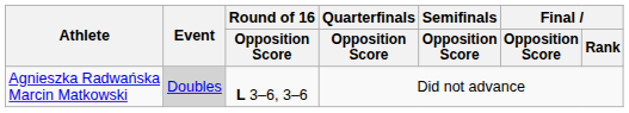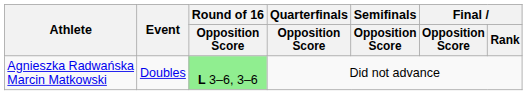 <table class=wikitable style="font-size:90%">
 <tr>
 <th rowspan="2">Athlete</th>
 <th rowspan="2">Event</th>
 <th>Round of 16</th>
 <th>Quarterfinals</th>
 <th>Semifinals</th>
 <th colspan=2>Final / </th>
 </tr>
 <tr style="font-size:95%">
 <th>Opposition<br>Score</th>
 <th>Opposition<br>Score</th>
 <th>Opposition<br>Score</th>
 <th>Opposition<br>Score</th>
 <th>Rank</th>
 </tr>
 <tr align=center>
 <td align=left><a href='#'>Agnieszka Radwańska</a><br><a href='#'>Marcin Matkowski</a></td>
-<td align=left style="background: lightgrey;"><a href='#'>Doubles</a></td>
-<td><br><strong>L</strong> 3–6, 3–6</td>
+<td align=left><a href='#'>Doubles</a></td>
+<td style="background: lightgreen;"><br><strong>L</strong> 3–6, 3–6</td>
 <td colspan=4>Did not advance</td>
 </tr>
 </table>
